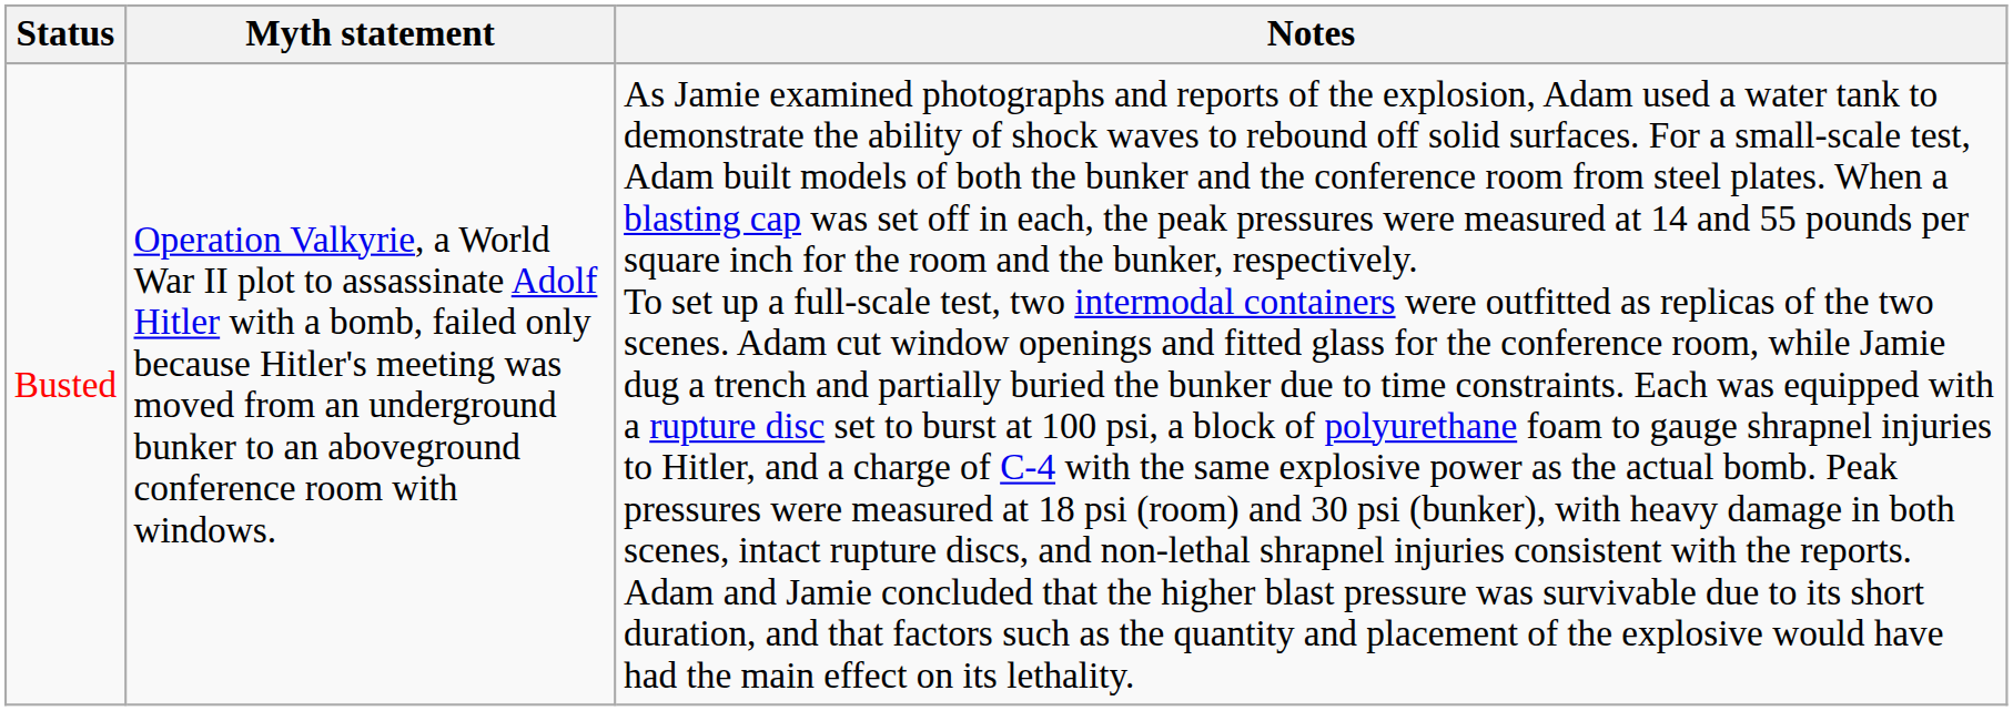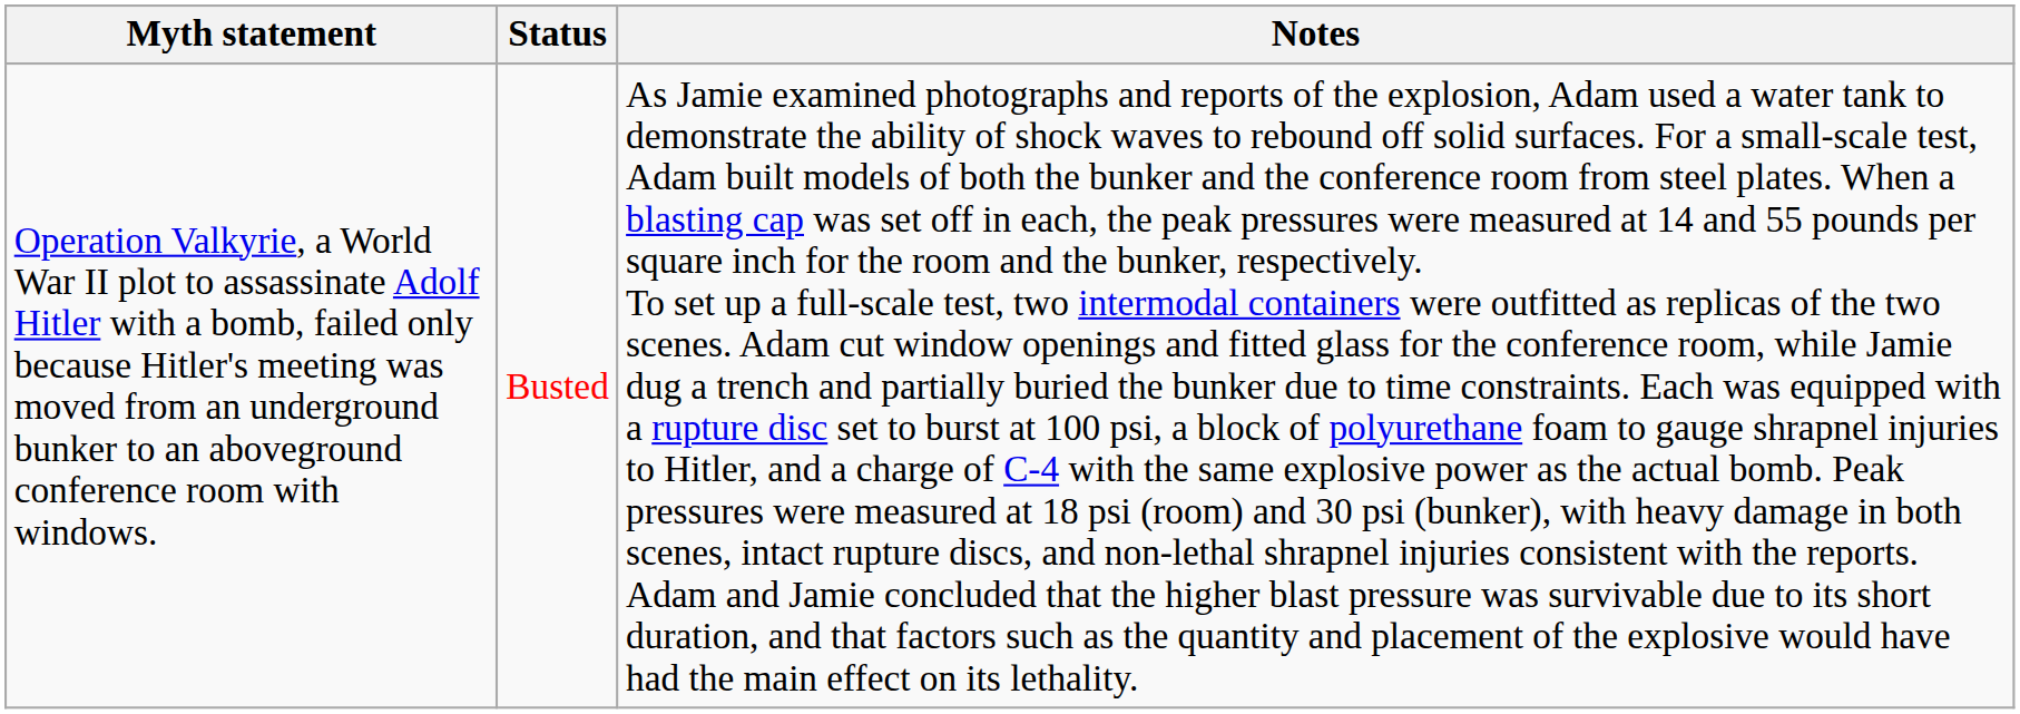 <table class="wikitable plainrowheaders">
 <tr>
+<th>Myth statement</th>
 <th>Status</th>
-<th>Myth statement</th>
 <th>Notes</th>
 </tr>
 <tr>
+<td><a href='#'>Operation Valkyrie</a>, a World War II plot to assassinate <a href='#'>Adolf Hitler</a> with a bomb, failed only because Hitler's meeting was moved from an underground bunker to an aboveground conference room with windows.</td>
 <td style="color:red">Busted</td>
-<td><a href='#'>Operation Valkyrie</a>, a World War II plot to assassinate <a href='#'>Adolf Hitler</a> with a bomb, failed only because Hitler's meeting was moved from an underground bunker to an aboveground conference room with windows.</td>
 <td>As Jamie examined photographs and reports of the explosion, Adam used a water tank to demonstrate the ability of shock waves to rebound off solid surfaces. For a small-scale test, Adam built models of both the bunker and the conference room from steel plates. When a <a href='#'>blasting cap</a> was set off in each, the peak pressures were measured at 14 and 55 pounds per square inch for the room and the bunker, respectively.<br>To set up a full-scale test, two <a href='#'>intermodal containers</a> were outfitted as replicas of the two scenes. Adam cut window openings and fitted glass for the conference room, while Jamie dug a trench and partially buried the bunker due to time constraints. Each was equipped with a <a href='#'>rupture disc</a> set to burst at 100 psi, a block of <a href='#'>polyurethane</a> foam to gauge shrapnel injuries to Hitler, and a charge of <a href='#'>C-4</a> with the same explosive power as the actual bomb. Peak pressures were measured at 18 psi (room) and 30 psi (bunker), with heavy damage in both scenes, intact rupture discs, and non-lethal shrapnel injuries consistent with the reports. Adam and Jamie concluded that the higher blast pressure was survivable due to its short duration, and that factors such as the quantity and placement of the explosive would have had the main effect on its lethality.</td>
 </tr>
 </table>
